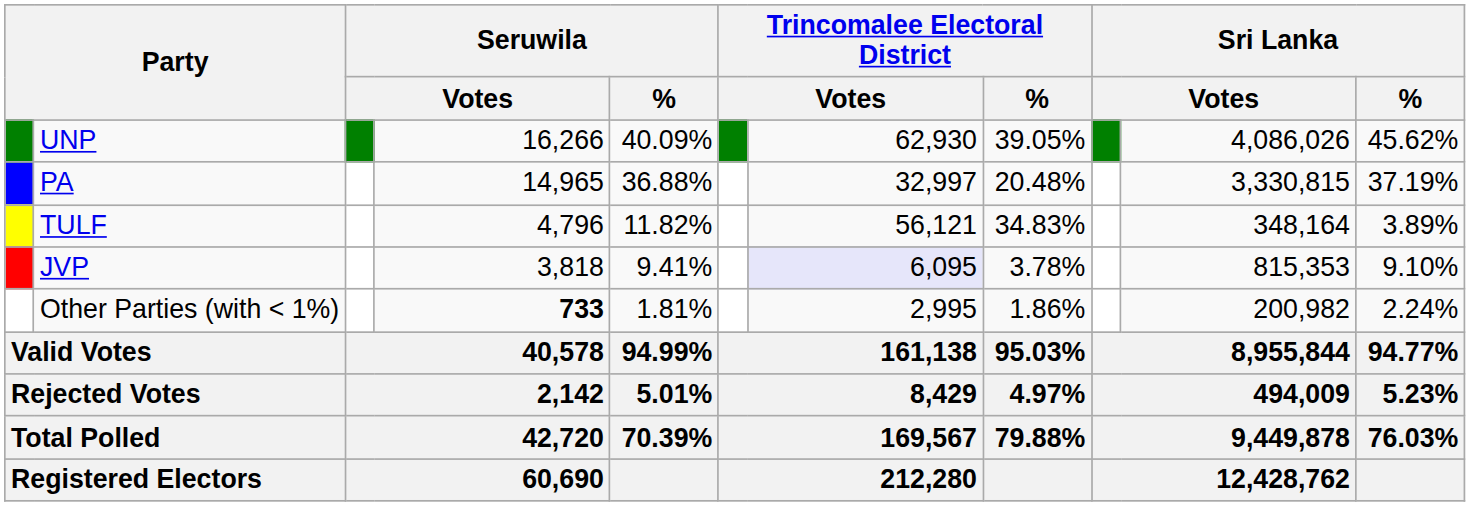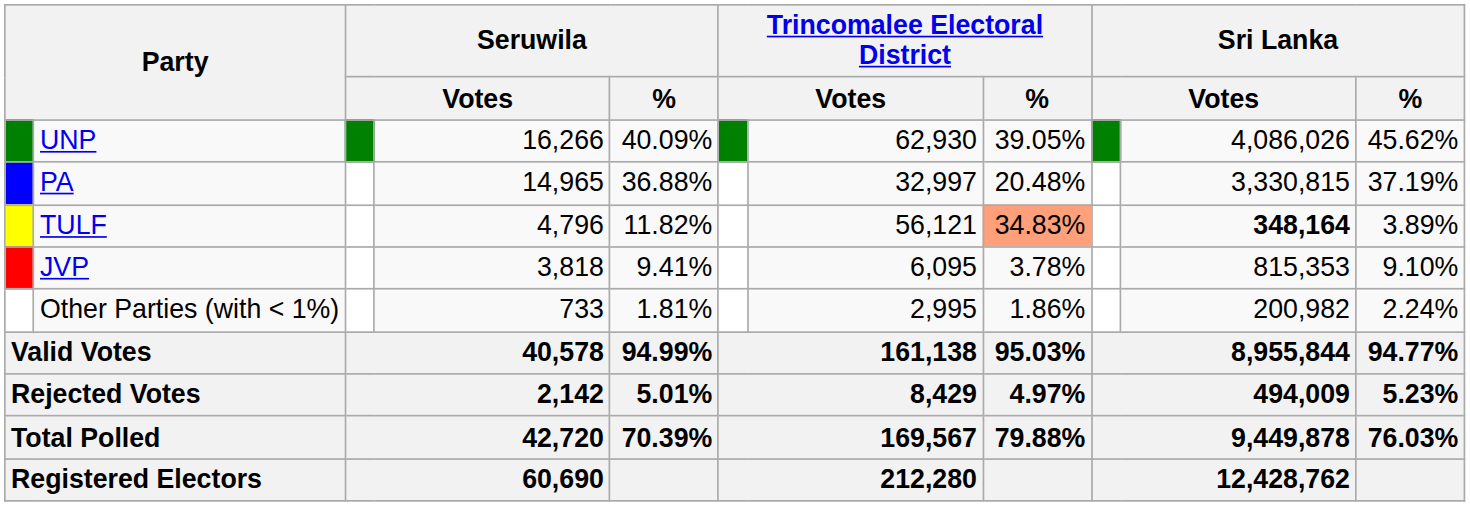 <table class="wikitable">
 <tr>
 <th colspan="2" width="144px"rowspan="2">Party</th>
 <th colspan="3" width="216px">Seruwila</th>
 <th colspan="3" width="216px"><a href='#'>Trincomalee Electoral District</a></th>
 <th colspan="3" width="216px">Sri Lanka</th>
 </tr>
 <tr>
 <th colspan="2" width="144px">Votes</th>
 <th>%</th>
 <th colspan="2" width="144px">Votes</th>
 <th>%</th>
 <th colspan="2" width="144px">Votes</th>
 <th>%</th>
 </tr>
 <tr>
 <td style="background-color:green;" width="10px"></td>
 <td style="text-align:left;"><a href='#'>UNP</a></td>
 <td style="background-color:green;" width="10px"></td>
 <td style="text-align:right;">16,266</td>
 <td style="text-align:right;">40.09%</td>
 <td style="background-color:green;" width="10px"></td>
 <td style="text-align:right;">62,930</td>
 <td style="text-align:right;">39.05%</td>
 <td style="background-color:green;" width="10px"></td>
 <td style="text-align:right;">4,086,026</td>
 <td style="text-align:right;">45.62%</td>
 </tr>
 <tr>
 <td style="background-color:blue;" width="10px"></td>
 <td style="text-align:left;"><a href='#'>PA</a></td>
 <td style="background-color:white;" width="10px"></td>
 <td style="text-align:right;">14,965</td>
 <td style="text-align:right;">36.88%</td>
 <td style="background-color:white;" width="10px"></td>
 <td style="text-align:right;">32,997</td>
 <td style="text-align:right;">20.48%</td>
 <td style="background-color:white;" width="10px"></td>
 <td style="text-align:right;">3,330,815</td>
 <td style="text-align:right;">37.19%</td>
 </tr>
 <tr>
 <td style="background-color:yellow;" width="10px"></td>
 <td style="text-align:left;"><a href='#'>TULF</a></td>
 <td style="background-color:white;" width="10px"></td>
 <td style="text-align:right;">4,796</td>
 <td style="text-align:right;">11.82%</td>
 <td style="background-color:white;" width="10px"></td>
 <td style="text-align:right;">56,121</td>
-<td style="text-align:right;">34.83%</td>
+<td style="background: lightsalmon; text-align:right;">34.83%</td>
 <td style="background-color:white;" width="10px"></td>
-<td style="text-align:right;">348,164</td>
+<td style="text-align:right;"><strong>348,164</strong></td>
 <td style="text-align:right;">3.89%</td>
 </tr>
 <tr>
 <td style="background-color:red;" width="10px"></td>
 <td style="text-align:left;"><a href='#'>JVP</a></td>
 <td style="background-color:white;" width="10px"></td>
 <td style="text-align:right;">3,818</td>
 <td style="text-align:right;">9.41%</td>
 <td style="background-color:white;" width="10px"></td>
-<td style="background: lavender; text-align:right;">6,095</td>
+<td style="text-align:right;">6,095</td>
 <td style="text-align:right;">3.78%</td>
 <td style="background-color:white;" width="10px"></td>
 <td style="text-align:right;">815,353</td>
 <td style="text-align:right;">9.10%</td>
 </tr>
 <tr>
 <td style="background-color:white;" width="10px"></td>
 <td style="text-align:left;">Other Parties (with < 1%)</td>
 <td style="background-color:white;" width="10px"></td>
-<td style="text-align:right;"><strong>733</strong></td>
+<td style="text-align:right;">733</td>
 <td style="text-align:right;">1.81%</td>
 <td style="background-color:white;" width="10px"></td>
 <td style="text-align:right;">2,995</td>
 <td style="text-align:right;">1.86%</td>
 <td style="background-color:white;" width="10px"></td>
 <td style="text-align:right;">200,982</td>
 <td style="text-align:right;">2.24%</td>
 </tr>
 <tr>
 <th colspan="2" width="144px"style="text-align:left;">Valid Votes</th>
 <th style="text-align:right;"colspan="2" width="144px">40,578</th>
 <th style="text-align:right;">94.99%</th>
 <th style="text-align:right;"colspan="2" width="144px">161,138</th>
 <th style="text-align:right;">95.03%</th>
 <th style="text-align:right;"colspan="2" width="144px">8,955,844</th>
 <th style="text-align:right;">94.77%</th>
 </tr>
 <tr>
 <th colspan="2" width="144px"style="text-align:left;">Rejected Votes</th>
 <th style="text-align:right;"colspan="2" width="144px">2,142</th>
 <th style="text-align:right;">5.01%</th>
 <th style="text-align:right;"colspan="2" width="144px">8,429</th>
 <th style="text-align:right;">4.97%</th>
 <th style="text-align:right;"colspan="2" width="144px">494,009</th>
 <th style="text-align:right;">5.23%</th>
 </tr>
 <tr>
 <th colspan="2" width="144px"style="text-align:left;">Total Polled</th>
 <th style="text-align:right;"colspan="2" width="144px">42,720</th>
 <th style="text-align:right;">70.39%</th>
 <th style="text-align:right;"colspan="2" width="144px">169,567</th>
 <th style="text-align:right;">79.88%</th>
 <th style="text-align:right;"colspan="2" width="144px">9,449,878</th>
 <th style="text-align:right;">76.03%</th>
 </tr>
 <tr>
 <th colspan="2" width="144px"style="text-align:left;">Registered Electors</th>
 <th style="text-align:right;"colspan="2" width="144px">60,690</th>
 <th></th>
 <th style="text-align:right;"colspan="2" width="144px">212,280</th>
 <th></th>
 <th style="text-align:right;"colspan="2" width="144px">12,428,762</th>
 <th></th>
 </tr>
 </table>
